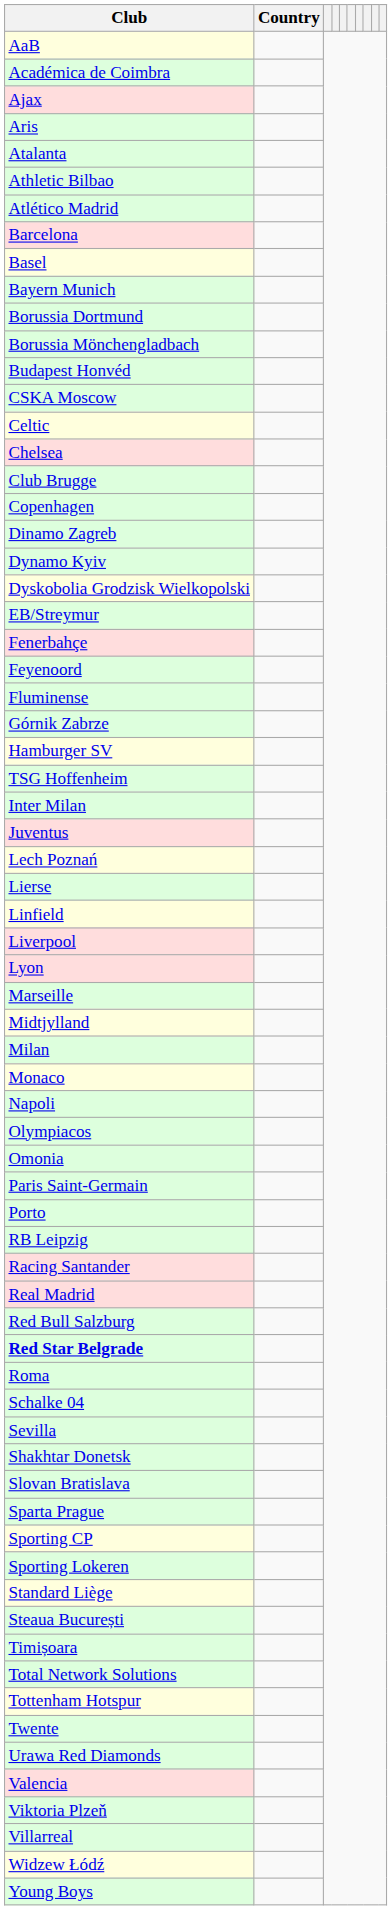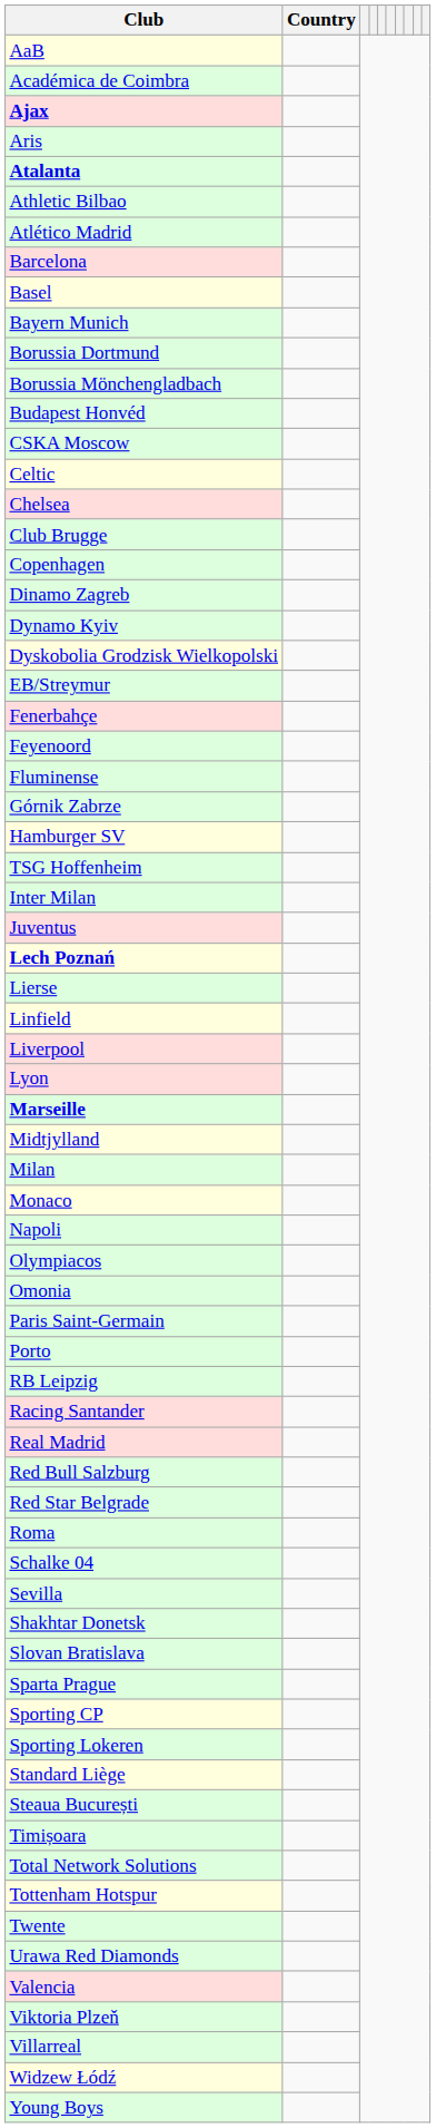 <table class="wikitable sortable" style="text-align:center">
 <tr>
 <th>Club</th>
 <th>Country</th>
 <th></th>
 <th></th>
 <th></th>
 <th></th>
 <th></th>
 <th></th>
 <th></th>
 <th></th>
 </tr>
 <tr>
 <td style="background:#FFD;" align=left><a href='#'>AaB</a></td>
 <td align=left><br></td>
 </tr>
 <tr>
 <td style="background:#DFD;" align=left><a href='#'>Académica de Coimbra</a></td>
 <td align=left><br></td>
 </tr>
 <tr>
-<td style="background:#FDD;" align=left><a href='#'>Ajax</a></td>
+<td style="background:#FDD;" align=left><strong><a href='#'>Ajax</a></strong></td>
 <td align=left><br></td>
 </tr>
 <tr>
 <td style="background:#DFD;" align=left><a href='#'>Aris</a></td>
 <td align=left><br></td>
 </tr>
 <tr>
-<td style="background:#DFD;" align=left><a href='#'>Atalanta</a></td>
+<td style="background:#DFD;" align=left><strong><a href='#'>Atalanta</a></strong></td>
 <td align=left><br></td>
 </tr>
 <tr>
 <td style="background:#DFD;" align=left><a href='#'>Athletic Bilbao</a></td>
 <td align=left><br></td>
 </tr>
 <tr>
 <td style="background:#DFD;" align=left><a href='#'>Atlético Madrid</a></td>
 <td align=left><br></td>
 </tr>
 <tr>
 <td style="background:#FDD;" align=left><a href='#'>Barcelona</a></td>
 <td align=left><br></td>
 </tr>
 <tr>
 <td style="background:#FFD;" align=left><a href='#'>Basel</a></td>
 <td align=left><br></td>
 </tr>
 <tr>
 <td style="background:#DFD;" align=left><a href='#'>Bayern Munich</a></td>
 <td align=left><br></td>
 </tr>
 <tr>
 <td style="background:#DFD;" align=left><a href='#'>Borussia Dortmund</a></td>
 <td align=left><br></td>
 </tr>
 <tr>
 <td style="background:#DFD;" align=left><a href='#'>Borussia Mönchengladbach</a></td>
 <td align=left><br></td>
 </tr>
 <tr>
 <td style="background:#DFD;" align=left><a href='#'>Budapest Honvéd</a></td>
 <td align=left><br></td>
 </tr>
 <tr>
 <td style="background:#DFD;" align=left><a href='#'>CSKA Moscow</a></td>
 <td align=left><br></td>
 </tr>
 <tr>
 <td style="background:#FFD;" align=left><a href='#'>Celtic</a></td>
 <td align=left><br></td>
 </tr>
 <tr>
 <td style="background:#FDD;" align=left><a href='#'>Chelsea</a></td>
 <td align=left><br></td>
 </tr>
 <tr>
 <td style="background:#DFD;" align=left><a href='#'>Club Brugge</a></td>
 <td align=left><br></td>
 </tr>
 <tr>
 <td style="background:#DFD;" align=left><a href='#'>Copenhagen</a></td>
 <td align=left><br></td>
 </tr>
 <tr>
 <td style="background:#DFD;" align=left><a href='#'>Dinamo Zagreb</a></td>
 <td align=left><br></td>
 </tr>
 <tr>
 <td style="background:#DFD;" align=left><a href='#'>Dynamo Kyiv</a></td>
 <td align=left><br></td>
 </tr>
 <tr>
 <td style="background:#FFD;" align=left><a href='#'>Dyskobolia Grodzisk Wielkopolski</a></td>
 <td align=left><br></td>
 </tr>
 <tr>
 <td style="background:#DFD;" align=left><a href='#'>EB/Streymur</a></td>
 <td align=left><br></td>
 </tr>
 <tr>
 <td style="background:#FDD;" align=left><a href='#'>Fenerbahçe</a></td>
 <td align=left><br></td>
 </tr>
 <tr>
 <td style="background:#DFD;" align=left><a href='#'>Feyenoord</a></td>
 <td align=left><br></td>
 </tr>
 <tr>
 <td style="background:#DFD;" align=left><a href='#'>Fluminense</a></td>
 <td align=left><br></td>
 </tr>
 <tr>
 <td style="background:#DFD;" align=left><a href='#'>Górnik Zabrze</a></td>
 <td align=left><br></td>
 </tr>
 <tr>
 <td style="background:#FFD;" align=left><a href='#'>Hamburger SV</a></td>
 <td align=left><br></td>
 </tr>
 <tr>
 <td style="background:#DFD;" align=left><a href='#'>TSG Hoffenheim</a></td>
 <td align=left><br></td>
 </tr>
 <tr>
 <td style="background:#DFD;" align=left><a href='#'>Inter Milan</a></td>
 <td align=left><br></td>
 </tr>
 <tr>
 <td style="background:#FDD;" align=left><a href='#'>Juventus</a></td>
 <td align=left><br></td>
 </tr>
 <tr>
-<td style="background:#FFD;" align=left><a href='#'>Lech Poznań</a></td>
+<td style="background:#FFD;" align=left><strong><a href='#'>Lech Poznań</a></strong></td>
 <td align=left><br></td>
 </tr>
 <tr>
 <td style="background:#DFD;" align=left><a href='#'>Lierse</a></td>
 <td align=left><br></td>
 </tr>
 <tr>
 <td style="background:#FFD;" align=left><a href='#'>Linfield</a></td>
 <td align=left><br></td>
 </tr>
 <tr>
 <td style="background:#FDD;" align=left><a href='#'>Liverpool</a></td>
 <td align=left><br></td>
 </tr>
 <tr>
 <td style="background:#FDD;" align=left><a href='#'>Lyon</a></td>
 <td align=left><br></td>
 </tr>
 <tr>
-<td style="background:#DFD;" align=left><a href='#'>Marseille</a></td>
+<td style="background:#DFD;" align=left><strong><a href='#'>Marseille</a></strong></td>
 <td align=left><br></td>
 </tr>
 <tr>
 <td style="background:#FFD;" align=left><a href='#'>Midtjylland</a></td>
 <td align=left><br></td>
 </tr>
 <tr>
 <td style="background:#DFD;" align=left><a href='#'>Milan</a></td>
 <td align=left><br></td>
 </tr>
 <tr>
 <td style="background:#FFD;" align=left><a href='#'>Monaco</a></td>
 <td align=left><br></td>
 </tr>
 <tr>
 <td style="background:#DFD;" align=left><a href='#'>Napoli</a></td>
 <td align=left><br></td>
 </tr>
 <tr>
 <td style="background:#DFD;" align=left><a href='#'>Olympiacos</a></td>
 <td align=left><br></td>
 </tr>
 <tr>
 <td style="background:#DFD;" align=left><a href='#'>Omonia</a></td>
 <td align=left><br></td>
 </tr>
 <tr>
 <td style="background:#DFD;" align=left><a href='#'>Paris Saint-Germain</a></td>
 <td align=left><br></td>
 </tr>
 <tr>
 <td style="background:#DFD;" align=left><a href='#'>Porto</a></td>
 <td align=left><br></td>
 </tr>
 <tr>
 <td style="background:#DFD;" align=left><a href='#'>RB Leipzig</a></td>
 <td align=left><br></td>
 </tr>
 <tr>
 <td style="background:#FDD;" align=left><a href='#'>Racing Santander</a></td>
 <td align=left><br></td>
 </tr>
 <tr>
 <td style="background:#FDD;" align=left><a href='#'>Real Madrid</a></td>
 <td align=left><br></td>
 </tr>
 <tr>
 <td style="background:#DFD;" align=left><a href='#'>Red Bull Salzburg</a></td>
 <td align=left><br></td>
 </tr>
 <tr>
-<td style="background:#DFD;" align=left><strong><a href='#'>Red Star Belgrade</a></strong></td>
+<td style="background:#DFD;" align=left><a href='#'>Red Star Belgrade</a></td>
 <td align=left><br></td>
 </tr>
 <tr>
 <td style="background:#DFD;" align=left><a href='#'>Roma</a></td>
 <td align=left><br></td>
 </tr>
 <tr>
 <td style="background:#DFD;" align=left><a href='#'>Schalke 04</a></td>
 <td align=left><br></td>
 </tr>
 <tr>
 <td style="background:#DFD;" align=left><a href='#'>Sevilla</a></td>
 <td align=left><br></td>
 </tr>
 <tr>
 <td style="background:#DFD;" align=left><a href='#'>Shakhtar Donetsk</a></td>
 <td align=left><br></td>
 </tr>
 <tr>
 <td style="background:#DFD;" align=left><a href='#'>Slovan Bratislava</a></td>
 <td align=left><br></td>
 </tr>
 <tr>
 <td style="background:#DFD;" align=left><a href='#'>Sparta Prague</a></td>
 <td align=left><br></td>
 </tr>
 <tr>
 <td style="background:#FFD;" align=left><a href='#'>Sporting CP</a></td>
 <td align=left><br></td>
 </tr>
 <tr>
 <td style="background:#DFD;" align=left><a href='#'>Sporting Lokeren</a></td>
 <td align=left><br></td>
 </tr>
 <tr>
 <td style="background:#FFD;" align=left><a href='#'>Standard Liège</a></td>
 <td align=left><br></td>
 </tr>
 <tr>
 <td style="background:#DFD;" align=left><a href='#'>Steaua București</a></td>
 <td align=left><br></td>
 </tr>
 <tr>
 <td style="background:#DFD;" align=left><a href='#'>Timișoara</a></td>
 <td align=left><br></td>
 </tr>
 <tr>
 <td style="background:#DFD;" align=left><a href='#'>Total Network Solutions</a></td>
 <td align=left><br></td>
 </tr>
 <tr>
 <td style="background:#FFD;" align=left><a href='#'>Tottenham Hotspur</a></td>
 <td align=left><br></td>
 </tr>
 <tr>
 <td style="background:#DFD;" align=left><a href='#'>Twente</a></td>
 <td align=left><br></td>
 </tr>
 <tr>
 <td style="background:#DFD;" align=left><a href='#'>Urawa Red Diamonds</a></td>
 <td align=left><br></td>
 </tr>
 <tr>
 <td style="background:#FDD;" align=left><a href='#'>Valencia</a></td>
 <td align=left><br></td>
 </tr>
 <tr>
 <td style="background:#DFD;" align=left><a href='#'>Viktoria Plzeň</a></td>
 <td align=left><br></td>
 </tr>
 <tr>
 <td style="background:#DFD;" align=left><a href='#'>Villarreal</a></td>
 <td align=left><br></td>
 </tr>
 <tr>
 <td style="background:#FFD;" align=left><a href='#'>Widzew Łódź</a></td>
 <td align=left><br></td>
 </tr>
 <tr>
 <td style="background:#DFD;" align=left><a href='#'>Young Boys</a></td>
 <td align=left><br></td>
 </tr>
 </table>
